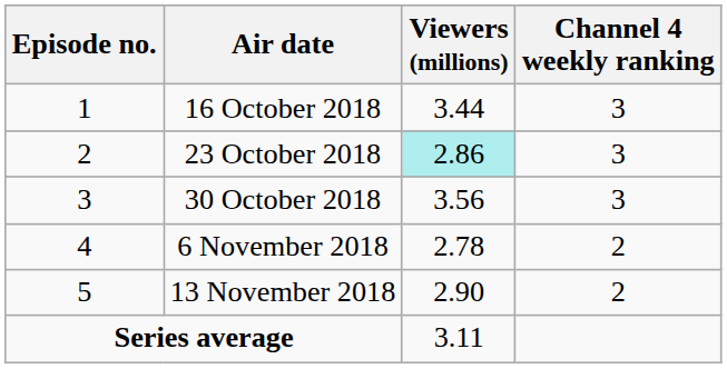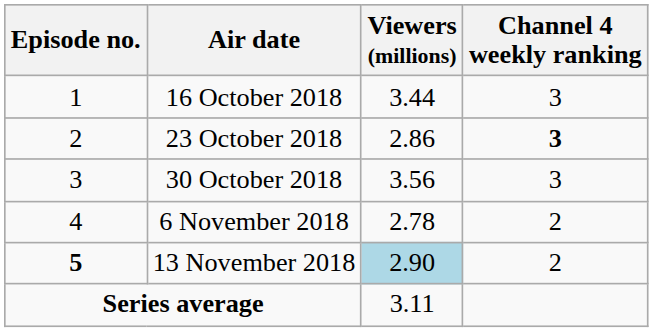 <table class="wikitable" style="text-align:center;">
 <tr>
 <th>Episode no.</th>
 <th>Air date</th>
 <th>Viewers<br><small>(millions)</small></th>
 <th>Channel 4<br>weekly ranking</th>
 </tr>
 <tr>
 <td>1</td>
 <td>16 October 2018</td>
 <td>3.44</td>
 <td>3</td>
 </tr>
 <tr>
 <td>2</td>
 <td>23 October 2018</td>
-<td style="background: paleturquoise;">2.86</td>
-<td>3</td>
+<td>2.86</td>
+<td><strong>3</strong></td>
 </tr>
 <tr>
 <td>3</td>
 <td>30 October 2018</td>
 <td>3.56</td>
 <td>3</td>
 </tr>
 <tr>
 <td>4</td>
 <td>6 November 2018</td>
 <td>2.78</td>
 <td>2</td>
 </tr>
 <tr>
-<td>5</td>
+<td><strong>5</strong></td>
 <td>13 November 2018</td>
-<td>2.90</td>
+<td style="background: lightblue;">2.90</td>
 <td>2</td>
 </tr>
 <tr>
 <td colspan=2><strong>Series average</strong></td>
 <td>3.11</td>
 <td></td>
 </tr>
 </table>
